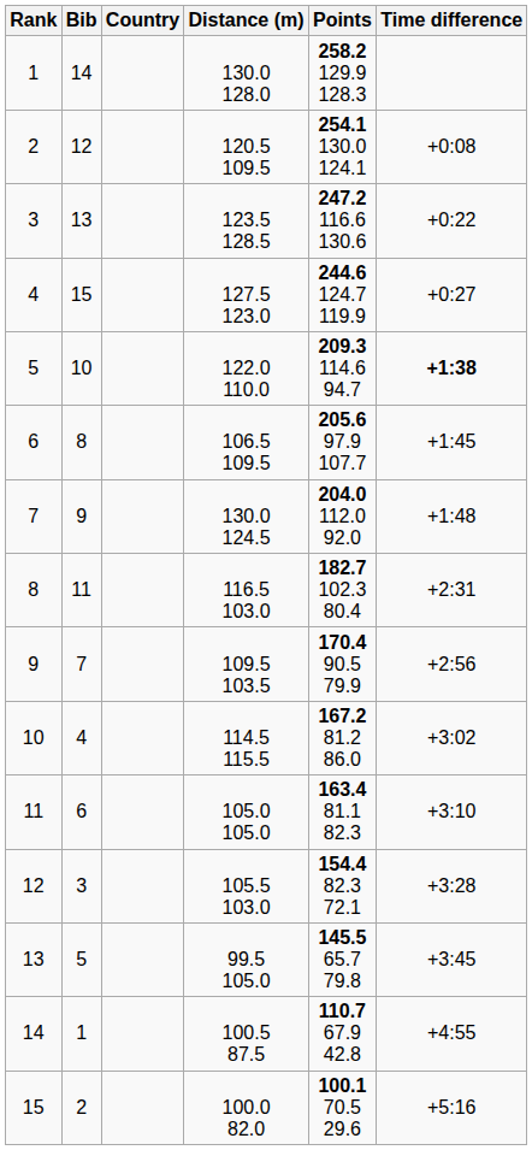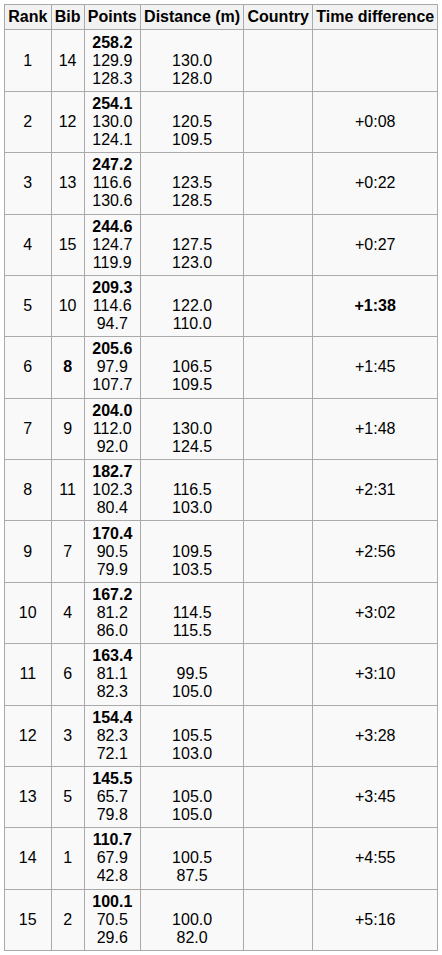 <table class="wikitable sortable" style="text-align:center">
 <tr>
 <th>Rank</th>
 <th>Bib</th>
+<th>Points</th>
+<th>Distance (m)</th>
 <th>Country</th>
-<th>Distance (m)</th>
-<th>Points</th>
 <th>Time difference</th>
 </tr>
 <tr>
 <td>1</td>
 <td>14</td>
+<td><strong>258.2</strong><br>129.9<br>128.3</td>
+<td><br>130.0<br>128.0</td>
 <td align=left><br></td>
-<td><br>130.0<br>128.0</td>
-<td><strong>258.2</strong><br>129.9<br>128.3</td>
 <td></td>
 </tr>
 <tr>
 <td>2</td>
 <td>12</td>
+<td><strong>254.1</strong><br>130.0<br>124.1</td>
+<td><br>120.5<br>109.5</td>
 <td align=left><br></td>
-<td><br>120.5<br>109.5</td>
-<td><strong>254.1</strong><br>130.0<br>124.1</td>
 <td>+0:08</td>
 </tr>
 <tr>
 <td>3</td>
 <td>13</td>
+<td><strong>247.2</strong><br>116.6<br>130.6</td>
+<td><br>123.5<br>128.5</td>
 <td align=left><br></td>
-<td><br>123.5<br>128.5</td>
-<td><strong>247.2</strong><br>116.6<br>130.6</td>
 <td>+0:22</td>
 </tr>
 <tr>
 <td>4</td>
 <td>15</td>
+<td><strong>244.6</strong><br>124.7<br>119.9</td>
+<td><br>127.5<br>123.0</td>
 <td align=left><br></td>
-<td><br>127.5<br>123.0</td>
-<td><strong>244.6</strong><br>124.7<br>119.9</td>
 <td>+0:27</td>
 </tr>
 <tr>
 <td>5</td>
 <td>10</td>
+<td><strong>209.3</strong><br>114.6<br>94.7</td>
+<td><br>122.0<br>110.0</td>
 <td align=left><br></td>
-<td><br>122.0<br>110.0</td>
-<td><strong>209.3</strong><br>114.6<br>94.7</td>
 <td><strong>+1:38</strong></td>
 </tr>
 <tr>
 <td>6</td>
-<td>8</td>
+<td><strong>8</strong></td>
+<td><strong>205.6</strong><br>97.9<br>107.7</td>
+<td><br>106.5<br>109.5</td>
 <td align=left><br></td>
-<td><br>106.5<br>109.5</td>
-<td><strong>205.6</strong><br>97.9<br>107.7</td>
 <td>+1:45</td>
 </tr>
 <tr>
 <td>7</td>
 <td>9</td>
+<td><strong>204.0</strong><br>112.0<br>92.0</td>
+<td><br>130.0<br>124.5</td>
 <td align=left><br></td>
-<td><br>130.0<br>124.5</td>
-<td><strong>204.0</strong><br>112.0<br>92.0</td>
 <td>+1:48</td>
 </tr>
 <tr>
 <td>8</td>
 <td>11</td>
+<td><strong>182.7</strong><br>102.3<br>80.4</td>
+<td><br>116.5<br>103.0</td>
 <td align=left><br></td>
-<td><br>116.5<br>103.0</td>
-<td><strong>182.7</strong><br>102.3<br>80.4</td>
 <td>+2:31</td>
 </tr>
 <tr>
 <td>9</td>
 <td>7</td>
+<td><strong>170.4</strong><br>90.5<br>79.9</td>
+<td><br>109.5<br>103.5</td>
 <td align=left><br></td>
-<td><br>109.5<br>103.5</td>
-<td><strong>170.4</strong><br>90.5<br>79.9</td>
 <td>+2:56</td>
 </tr>
 <tr>
 <td>10</td>
 <td>4</td>
+<td><strong>167.2</strong><br>81.2<br>86.0</td>
+<td><br>114.5<br>115.5</td>
 <td align=left><br></td>
-<td><br>114.5<br>115.5</td>
-<td><strong>167.2</strong><br>81.2<br>86.0</td>
 <td>+3:02</td>
 </tr>
 <tr>
 <td>11</td>
 <td>6</td>
+<td><strong>163.4</strong><br>81.1<br>82.3</td>
+<td><br>99.5<br>105.0</td>
 <td align=left><br></td>
-<td><br>105.0<br>105.0</td>
-<td><strong>163.4</strong><br>81.1<br>82.3</td>
 <td>+3:10</td>
 </tr>
 <tr>
 <td>12</td>
 <td>3</td>
+<td><strong>154.4</strong><br>82.3<br>72.1</td>
+<td><br>105.5<br>103.0</td>
 <td align=left><br></td>
-<td><br>105.5<br>103.0</td>
-<td><strong>154.4</strong><br>82.3<br>72.1</td>
 <td>+3:28</td>
 </tr>
 <tr>
 <td>13</td>
 <td>5</td>
+<td><strong>145.5</strong><br>65.7<br>79.8</td>
+<td><br>105.0<br>105.0</td>
 <td align=left><br></td>
-<td><br>99.5<br>105.0</td>
-<td><strong>145.5</strong><br>65.7<br>79.8</td>
 <td>+3:45</td>
 </tr>
 <tr>
 <td>14</td>
 <td>1</td>
+<td><strong>110.7</strong><br>67.9<br>42.8</td>
+<td><br>100.5<br>87.5</td>
 <td align=left><br></td>
-<td><br>100.5<br>87.5</td>
-<td><strong>110.7</strong><br>67.9<br>42.8</td>
 <td>+4:55</td>
 </tr>
 <tr>
 <td>15</td>
 <td>2</td>
+<td><strong>100.1</strong><br>70.5<br>29.6</td>
+<td><br>100.0<br>82.0</td>
 <td align=left><br></td>
-<td><br>100.0<br>82.0</td>
-<td><strong>100.1</strong><br>70.5<br>29.6</td>
 <td>+5:16</td>
 </tr>
 </table>
